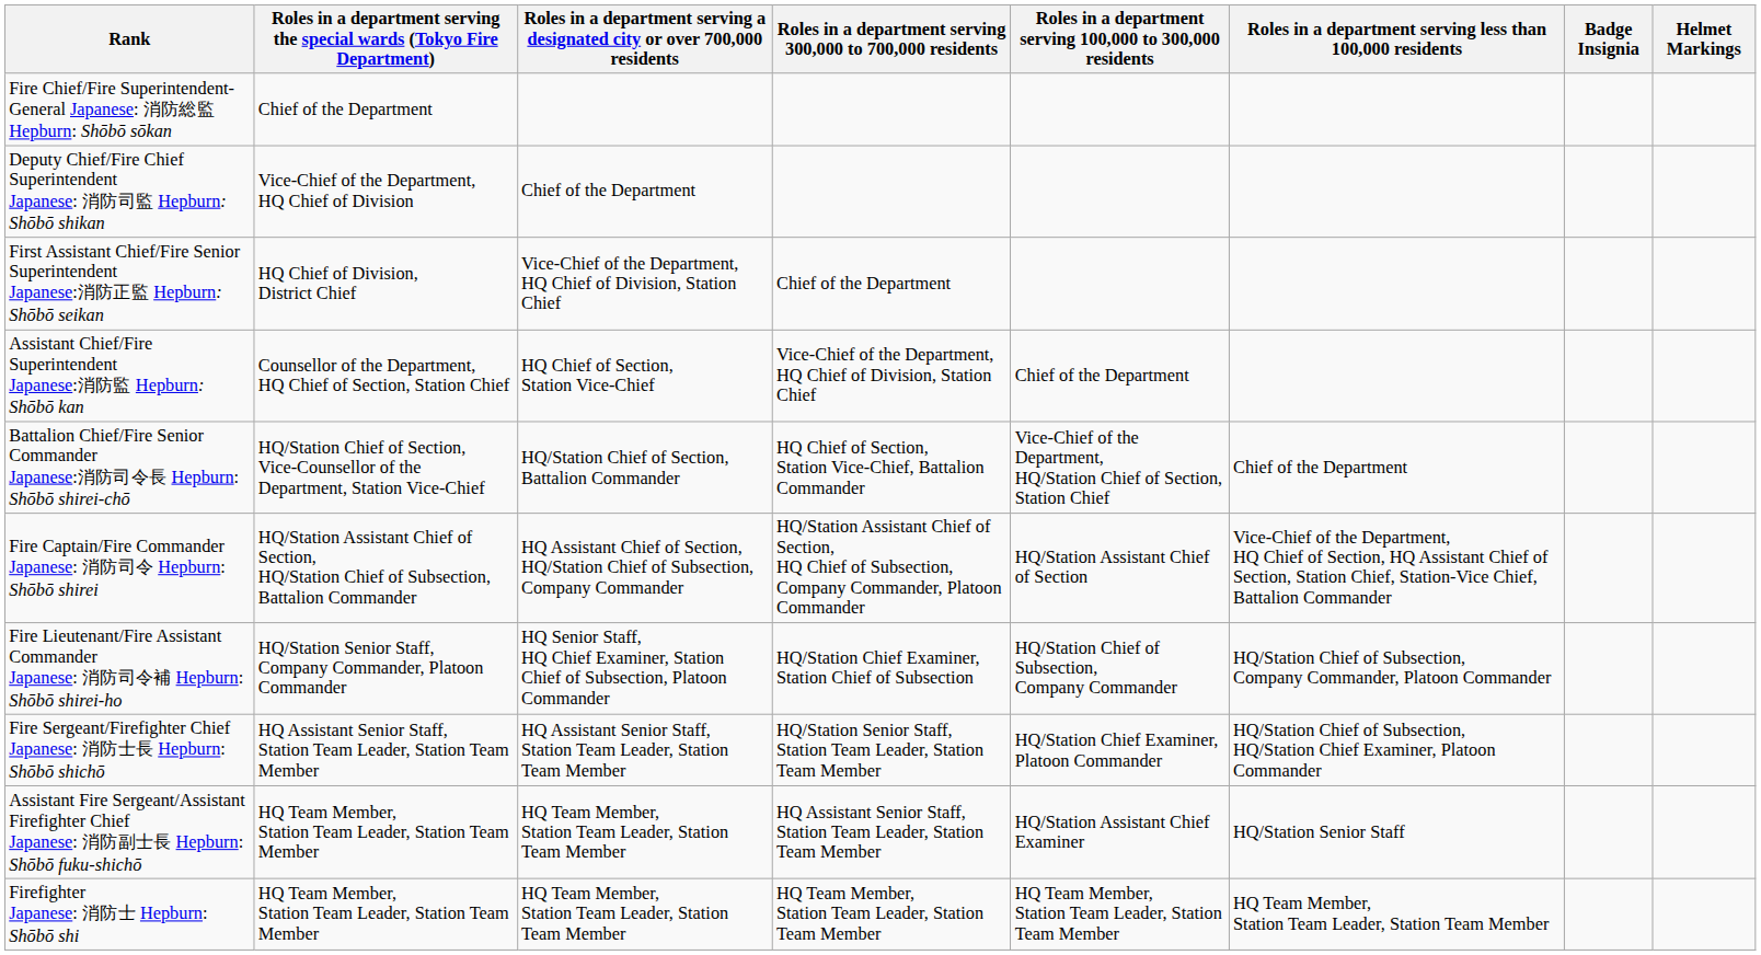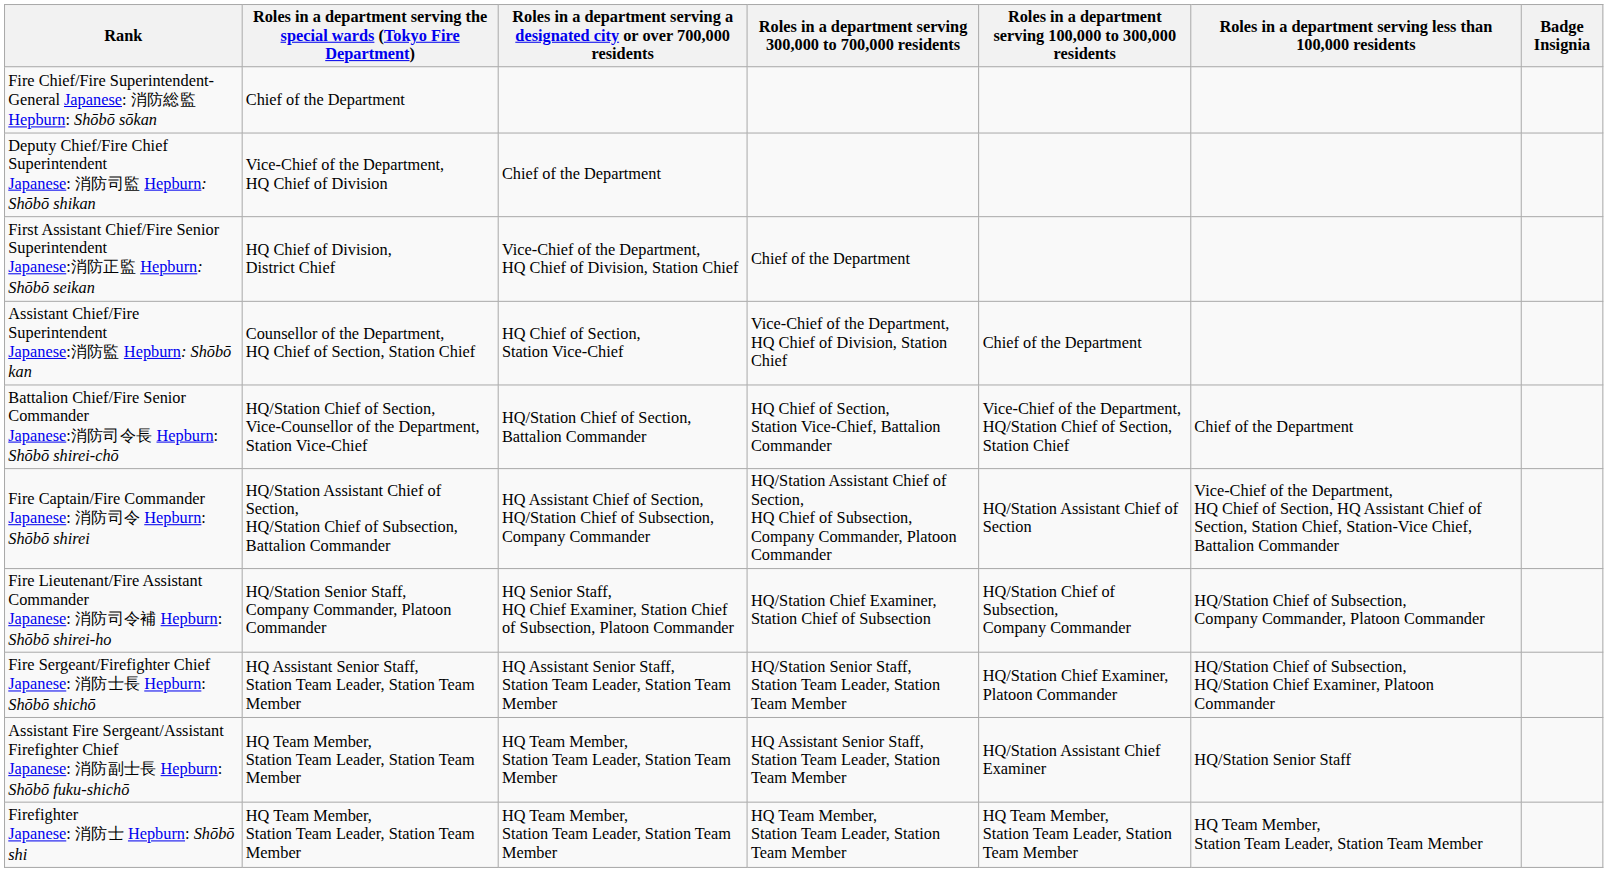 <table class=wikitable>
 <tr>
 <th>Rank</th>
 <th>Roles in a department serving the <a href='#'>special wards</a> (<a href='#'>Tokyo Fire Department</a>)</th>
 <th>Roles in a department serving a <a href='#'>designated city</a> or over 700,000 residents</th>
 <th>Roles in a department serving 300,000 to 700,000 residents</th>
 <th>Roles in a department serving 100,000 to 300,000 residents</th>
 <th>Roles in a department serving less than 100,000 residents</th>
 <th>Badge Insignia</th>
-<th>Helmet Markings</th>
 </tr>
 <tr>
 <td>Fire Chief/Fire Superintendent-General <a href='#'>Japanese</a>: 消防総監<br><a href='#'>Hepburn</a>: <em>Shōbō sōkan</em></td>
 <td>Chief of the Department</td>
 <td></td>
 <td></td>
 <td></td>
 <td></td>
-<td align="center"></td>
 <td align="center"></td>
 </tr>
 <tr>
 <td>Deputy Chief/Fire Chief Superintendent<br><a href='#'>Japanese</a>: 消防司監 <a href='#'>Hepburn</a><em>: Shōbō shikan</em></td>
 <td>Vice-Chief of the Department,<br>HQ Chief of Division</td>
 <td>Chief of the Department</td>
 <td></td>
 <td></td>
 <td></td>
 <td align="center"></td>
-<td align="center"></td>
 </tr>
 <tr>
 <td>First Assistant Chief/Fire Senior Superintendent<br><a href='#'>Japanese</a>:消防正監 <a href='#'>Hepburn</a><em>: Shōbō seikan</em></td>
 <td>HQ Chief of Division,<br>District Chief</td>
 <td>Vice-Chief of the Department,<br>HQ Chief of Division, Station Chief</td>
 <td>Chief of the Department</td>
 <td></td>
 <td></td>
-<td align="center"></td>
 <td align="center"></td>
 </tr>
 <tr>
 <td>Assistant Chief/Fire Superintendent<br><a href='#'>Japanese</a>:消防監 <a href='#'>Hepburn</a><em>: Shōbō kan</em></td>
 <td>Counsellor of the Department,<br>HQ Chief of Section, Station Chief</td>
 <td>HQ Chief of Section,<br>Station Vice-Chief</td>
 <td>Vice-Chief of the Department,<br>HQ Chief of Division, Station Chief</td>
 <td>Chief of the Department</td>
 <td></td>
 <td align="center"></td>
-<td align="center"></td>
 </tr>
 <tr>
 <td>Battalion Chief/Fire Senior Commander<br><a href='#'>Japanese</a>:消防司令長 <a href='#'>Hepburn</a>: <em>Shōbō shirei-chō</em></td>
 <td>HQ/Station Chief of Section,<br>Vice-Counsellor of the Department, Station Vice-Chief</td>
 <td>HQ/Station Chief of Section,<br>Battalion Commander</td>
 <td>HQ Chief of Section,<br>Station Vice-Chief, Battalion Commander</td>
 <td>Vice-Chief of the Department,<br>HQ/Station Chief of Section, Station Chief</td>
 <td>Chief of the Department</td>
-<td align="center"></td>
 <td align="center"></td>
 </tr>
 <tr>
 <td>Fire Captain/Fire Commander<br><a href='#'>Japanese</a>: 消防司令 <a href='#'>Hepburn</a>: <em>Shōbō shirei</em></td>
 <td>HQ/Station Assistant Chief of Section,<br>HQ/Station Chief of Subsection, Battalion Commander</td>
 <td>HQ Assistant Chief of Section,<br>HQ/Station Chief of Subsection, Company Commander</td>
 <td>HQ/Station Assistant Chief of Section,<br>HQ Chief of Subsection, Company Commander, Platoon Commander</td>
 <td>HQ/Station Assistant Chief of Section</td>
 <td>Vice-Chief of the Department,<br>HQ Chief of Section, HQ Assistant Chief of Section, Station Chief, Station-Vice Chief, Battalion Commander</td>
 <td align="center"></td>
-<td align="center"></td>
 </tr>
 <tr>
 <td>Fire Lieutenant/Fire Assistant Commander<br><a href='#'>Japanese</a>: 消防司令補 <a href='#'>Hepburn</a>: <em>Shōbō shirei-ho</em></td>
 <td>HQ/Station Senior Staff,<br>Company Commander, Platoon Commander</td>
 <td>HQ Senior Staff,<br>HQ Chief Examiner, Station Chief of Subsection, Platoon Commander</td>
 <td>HQ/Station Chief Examiner,<br>Station Chief of Subsection</td>
 <td>HQ/Station Chief of Subsection,<br>Company Commander</td>
 <td>HQ/Station Chief of Subsection,<br>Company Commander, Platoon Commander</td>
-<td align="center"></td>
 <td align="center"></td>
 </tr>
 <tr>
 <td>Fire Sergeant/Firefighter Chief<br><a href='#'>Japanese</a>: 消防士長 <a href='#'>Hepburn</a>: <em>Shōbō shichō</em></td>
 <td>HQ Assistant Senior Staff,<br>Station Team Leader, Station Team Member</td>
 <td>HQ Assistant Senior Staff,<br>Station Team Leader, Station Team Member</td>
 <td>HQ/Station Senior Staff,<br>Station Team Leader, Station Team Member</td>
 <td>HQ/Station Chief Examiner, Platoon Commander</td>
 <td>HQ/Station Chief of Subsection,<br>HQ/Station Chief Examiner, Platoon Commander</td>
 <td align="center"></td>
-<td align="center"></td>
 </tr>
 <tr>
 <td>Assistant Fire Sergeant/Assistant Firefighter Chief<br><a href='#'>Japanese</a>: 消防副士長 <a href='#'>Hepburn</a>: <em>Shōbō fuku-shichō</em></td>
 <td>HQ Team Member,<br>Station Team Leader, Station Team Member</td>
 <td>HQ Team Member,<br>Station Team Leader, Station Team Member</td>
 <td>HQ Assistant Senior Staff,<br>Station Team Leader, Station Team Member</td>
 <td>HQ/Station Assistant Chief Examiner</td>
 <td>HQ/Station Senior Staff</td>
-<td align="center"></td>
 <td align="center"></td>
 </tr>
 <tr>
 <td>Firefighter<br><a href='#'>Japanese</a>: 消防士 <a href='#'>Hepburn</a>: <em>Shōbō shi</em></td>
 <td>HQ Team Member,<br>Station Team Leader, Station Team Member</td>
 <td>HQ Team Member,<br>Station Team Leader, Station Team Member</td>
 <td>HQ Team Member,<br>Station Team Leader, Station Team Member</td>
 <td>HQ Team Member,<br>Station Team Leader, Station Team Member</td>
 <td>HQ Team Member,<br>Station Team Leader, Station Team Member</td>
 <td align="center"></td>
-<td align="center"></td>
 </tr>
 </table>
